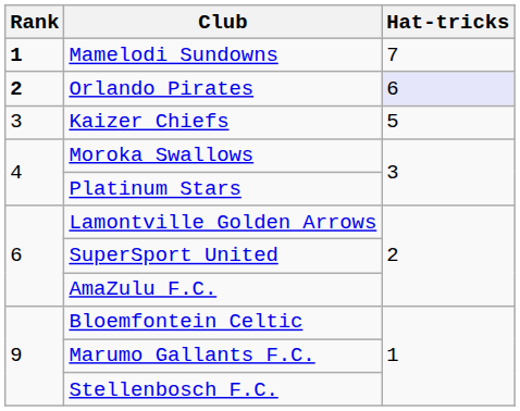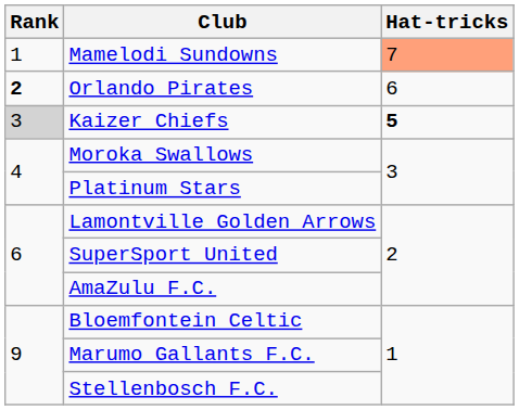 <table class="wikitable plainrowheaders" stye="text-align:center">
 <tr>
 <th scope="col">Rank</th>
 <th scope="col">Club</th>
 <th scope="col">Hat-tricks</th>
 </tr>
 <tr>
-<td><strong>1</strong></td>
+<td>1</td>
 <td><a href='#'>Mamelodi Sundowns</a></td>
-<td>7</td>
+<td style="background: lightsalmon;">7</td>
 </tr>
 <tr>
 <td><strong>2</strong></td>
 <td><a href='#'>Orlando Pirates</a></td>
-<td style="background: lavender;">6</td>
+<td>6</td>
 </tr>
 <tr>
-<td>3</td>
+<td style="background: lightgrey;">3</td>
 <td><a href='#'>Kaizer Chiefs</a></td>
-<td>5</td>
+<td><strong>5</strong></td>
 </tr>
 <tr>
 <td rowspan="2">4</td>
 <td><a href='#'>Moroka Swallows</a></td>
 <td rowspan="2">3</td>
 </tr>
 <tr>
 <td><a href='#'>Platinum Stars</a></td>
 </tr>
 <tr>
 <td rowspan="3">6</td>
 <td><a href='#'>Lamontville Golden Arrows</a></td>
 <td rowspan="3">2</td>
 </tr>
 <tr>
 <td><a href='#'>SuperSport United</a></td>
 </tr>
 <tr>
 <td><a href='#'>AmaZulu F.C.</a></td>
 </tr>
 <tr>
 <td rowspan="3">9</td>
 <td><a href='#'>Bloemfontein Celtic</a></td>
 <td rowspan="3">1</td>
 </tr>
 <tr>
 <td><a href='#'>Marumo Gallants F.C.</a></td>
 </tr>
 <tr>
 <td><a href='#'>Stellenbosch F.C.</a></td>
 </tr>
 </table>
